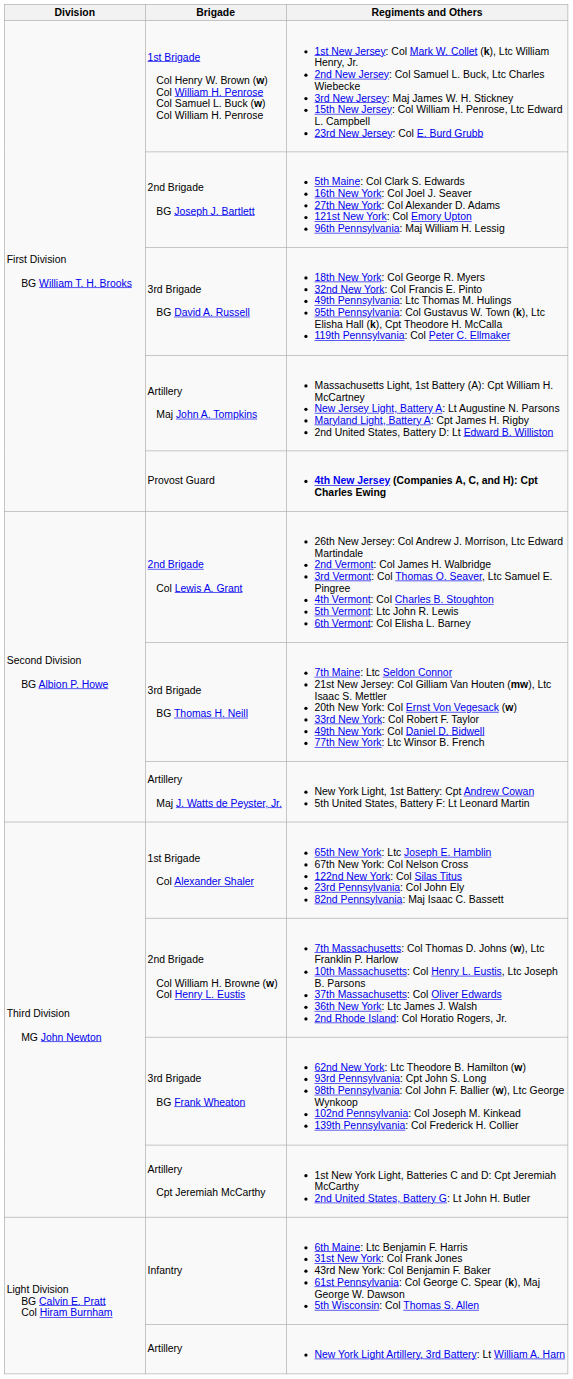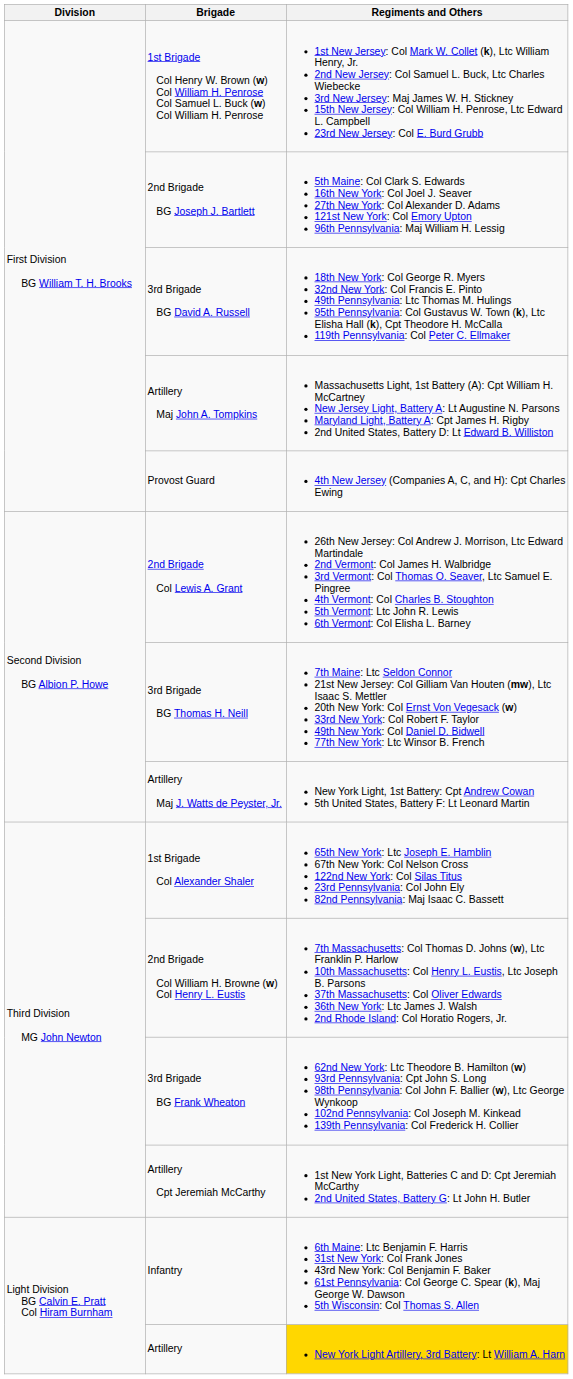 <table class="wikitable">
 <tr>
 <th width=25%>Division</th>
 <th width=25%>Brigade</th>
 <th>Regiments and Others</th>
 </tr>
 <tr>
 <td rowspan=5><br>First Division<br> <br>     BG <a href='#'>William T. H. Brooks</a></td>
 <td><a href='#'>1st Brigade</a><br><br>   Col Henry W. Brown (<strong>w</strong>) <br>   Col <a href='#'>William H. Penrose</a> <br>   Col Samuel L. Buck (<strong>w</strong>) <br>   Col William H. Penrose</td>
 <td><br><ul><li><a href='#'>1st New Jersey</a>: Col <a href='#'>Mark W. Collet</a> (<strong>k</strong>), Ltc William Henry, Jr.</li><li><a href='#'>2nd New Jersey</a>: Col Samuel L. Buck, Ltc Charles Wiebecke</li><li><a href='#'>3rd New Jersey</a>: Maj James W. H. Stickney</li><li><a href='#'>15th New Jersey</a>: Col William H. Penrose, Ltc Edward L. Campbell</li><li><a href='#'>23rd New Jersey</a>: Col <a href='#'>E. Burd Grubb</a></li></ul></td>
 </tr>
 <tr>
 <td>2nd Brigade<br><br>   BG <a href='#'>Joseph J. Bartlett</a></td>
 <td><br><ul><li><a href='#'>5th Maine</a>: Col Clark S. Edwards</li><li><a href='#'>16th New York</a>: Col Joel J. Seaver</li><li><a href='#'>27th New York</a>: Col Alexander D. Adams</li><li><a href='#'>121st New York</a>: Col <a href='#'>Emory Upton</a></li><li><a href='#'>96th Pennsylvania</a>: Maj William H. Lessig</li></ul></td>
 </tr>
 <tr>
 <td>3rd Brigade<br><br>   BG <a href='#'>David A. Russell</a></td>
 <td><br><ul><li><a href='#'>18th New York</a>: Col George R. Myers</li><li><a href='#'>32nd New York</a>: Col Francis E. Pinto</li><li><a href='#'>49th Pennsylvania</a>: Ltc Thomas M. Hulings</li><li><a href='#'>95th Pennsylvania</a>: Col Gustavus W. Town (<strong>k</strong>), Ltc Elisha Hall (<strong>k</strong>), Cpt Theodore H. McCalla</li><li><a href='#'>119th Pennsylvania</a>: Col <a href='#'>Peter C. Ellmaker</a></li></ul></td>
 </tr>
 <tr>
 <td>Artillery<br><br>   Maj <a href='#'>John A. Tompkins</a></td>
 <td><br><ul><li>Massachusetts Light, 1st Battery (A): Cpt William H. McCartney</li><li><a href='#'>New Jersey Light, Battery A</a>: Lt Augustine N. Parsons</li><li><a href='#'>Maryland Light, Battery A</a>: Cpt James H. Rigby</li><li>2nd United States, Battery D: Lt <a href='#'>Edward B. Williston</a></li></ul></td>
 </tr>
 <tr>
 <td>Provost Guard</td>
-<td><strong><br><ul><li><a href='#'>4th New Jersey</a> (Companies A, C, and H): Cpt Charles Ewing</li></ul></strong></td>
+<td><br><ul><li><a href='#'>4th New Jersey</a> (Companies A, C, and H): Cpt Charles Ewing</li></ul></td>
 </tr>
 <tr>
 <td rowspan=3><br>Second Division<br> <br>     BG <a href='#'>Albion P. Howe</a></td>
 <td><a href='#'>2nd Brigade</a><br><br>   Col <a href='#'>Lewis A. Grant</a></td>
 <td><br><ul><li>26th New Jersey: Col Andrew J. Morrison, Ltc Edward Martindale</li><li><a href='#'>2nd Vermont</a>: Col James H. Walbridge</li><li><a href='#'>3rd Vermont</a>: Col <a href='#'>Thomas O. Seaver</a>, Ltc Samuel E. Pingree</li><li><a href='#'>4th Vermont</a>: Col <a href='#'>Charles B. Stoughton</a></li><li><a href='#'>5th Vermont</a>: Ltc John R. Lewis</li><li><a href='#'>6th Vermont</a>: Col Elisha L. Barney</li></ul></td>
 </tr>
 <tr>
 <td>3rd Brigade<br><br>   BG <a href='#'>Thomas H. Neill</a></td>
 <td><br><ul><li><a href='#'>7th Maine</a>: Ltc <a href='#'>Seldon Connor</a></li><li>21st New Jersey: Col Gilliam Van Houten (<strong>mw</strong>), Ltc Isaac S. Mettler</li><li>20th New York: Col <a href='#'>Ernst Von Vegesack</a> (<strong>w</strong>)</li><li><a href='#'>33rd New York</a>: Col Robert F. Taylor</li><li><a href='#'>49th New York</a>: Col <a href='#'>Daniel D. Bidwell</a></li><li><a href='#'>77th New York</a>: Ltc Winsor B. French</li></ul></td>
 </tr>
 <tr>
 <td>Artillery<br><br>   Maj <a href='#'>J. Watts de Peyster, Jr.</a></td>
 <td><br><ul><li>New York Light, 1st Battery: Cpt <a href='#'>Andrew Cowan</a></li><li>5th United States, Battery F: Lt Leonard Martin</li></ul></td>
 </tr>
 <tr>
 <td rowspan=4><br>Third Division<br> <br>     MG <a href='#'>John Newton</a></td>
 <td>1st Brigade<br><br>   Col <a href='#'>Alexander Shaler</a></td>
 <td><br><ul><li><a href='#'>65th New York</a>: Ltc <a href='#'>Joseph E. Hamblin</a></li><li>67th New York: Col Nelson Cross</li><li><a href='#'>122nd New York</a>: Col <a href='#'>Silas Titus</a></li><li><a href='#'>23rd Pennsylvania</a>: Col John Ely</li><li><a href='#'>82nd Pennsylvania</a>: Maj Isaac C. Bassett</li></ul></td>
 </tr>
 <tr>
 <td>2nd Brigade<br><br>   Col William H. Browne (<strong>w</strong>) <br>   Col <a href='#'>Henry L. Eustis</a></td>
 <td><br><ul><li><a href='#'>7th Massachusetts</a>: Col Thomas D. Johns (<strong>w</strong>), Ltc Franklin P. Harlow</li><li><a href='#'>10th Massachusetts</a>: Col <a href='#'>Henry L. Eustis</a>, Ltc Joseph B. Parsons</li><li><a href='#'>37th Massachusetts</a>: Col <a href='#'>Oliver Edwards</a></li><li><a href='#'>36th New York</a>: Ltc James J. Walsh</li><li><a href='#'>2nd Rhode Island</a>: Col Horatio Rogers, Jr.</li></ul></td>
 </tr>
 <tr>
 <td>3rd Brigade<br><br>   BG <a href='#'>Frank Wheaton</a></td>
 <td><br><ul><li><a href='#'>62nd New York</a>: Ltc Theodore B. Hamilton (<strong>w</strong>)</li><li><a href='#'>93rd Pennsylvania</a>: Cpt John S. Long</li><li><a href='#'>98th Pennsylvania</a>: Col John F. Ballier (<strong>w</strong>), Ltc George Wynkoop</li><li><a href='#'>102nd Pennsylvania</a>: Col Joseph M. Kinkead</li><li><a href='#'>139th Pennsylvania</a>: Col Frederick H. Collier</li></ul></td>
 </tr>
 <tr>
 <td>Artillery<br><br>   Cpt Jeremiah McCarthy</td>
 <td><br><ul><li>1st New York Light, Batteries C and D: Cpt Jeremiah McCarthy</li><li><a href='#'>2nd United States, Battery G</a>: Lt John H. Butler</li></ul></td>
 </tr>
 <tr>
 <td rowspan=2><br>Light Division <br>     BG <a href='#'>Calvin E. Pratt</a> <br>     Col <a href='#'>Hiram Burnham</a></td>
 <td>Infantry</td>
 <td><br><ul><li><a href='#'>6th Maine</a>: Ltc Benjamin F. Harris</li><li><a href='#'>31st New York</a>: Col Frank Jones</li><li>43rd New York: Col Benjamin F. Baker</li><li><a href='#'>61st Pennsylvania</a>: Col George C. Spear (<strong>k</strong>), Maj George W. Dawson</li><li><a href='#'>5th Wisconsin</a>: Col <a href='#'>Thomas S. Allen</a></li></ul></td>
 </tr>
 <tr>
 <td>Artillery</td>
-<td><br><ul><li><a href='#'>New York Light Artillery, 3rd Battery</a>: Lt <a href='#'>William A. Harn</a></li></ul></td>
+<td style="background: gold;"><br><ul><li><a href='#'>New York Light Artillery, 3rd Battery</a>: Lt <a href='#'>William A. Harn</a></li></ul></td>
 </tr>
 </table>
